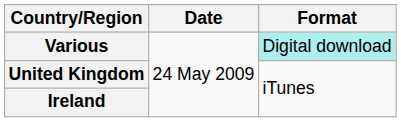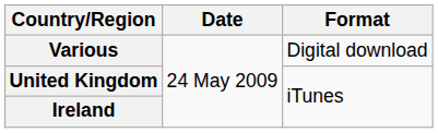 <table class="wikitable plainrowheaders">
 <tr>
 <th scope="col">Country/Region</th>
 <th scope="col">Date</th>
 <th scope="col">Format</th>
 </tr>
 <tr>
 <th scope="row">Various</th>
 <td rowspan="3">24 May 2009</td>
-<td style="background: paleturquoise;">Digital download</td>
+<td>Digital download</td>
 </tr>
 <tr>
 <th scope="row">United Kingdom</th>
 <td rowspan="2">iTunes</td>
 </tr>
 <tr>
 <th scope="row">Ireland</th>
 </tr>
 </table>
